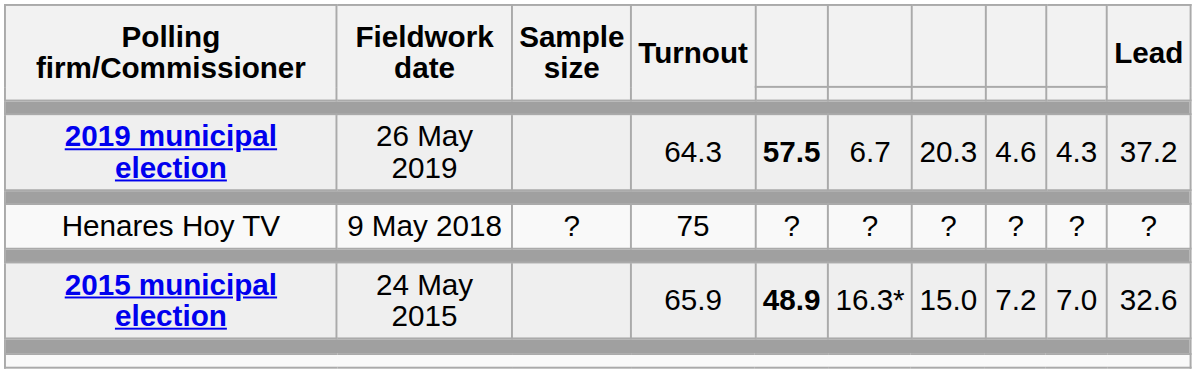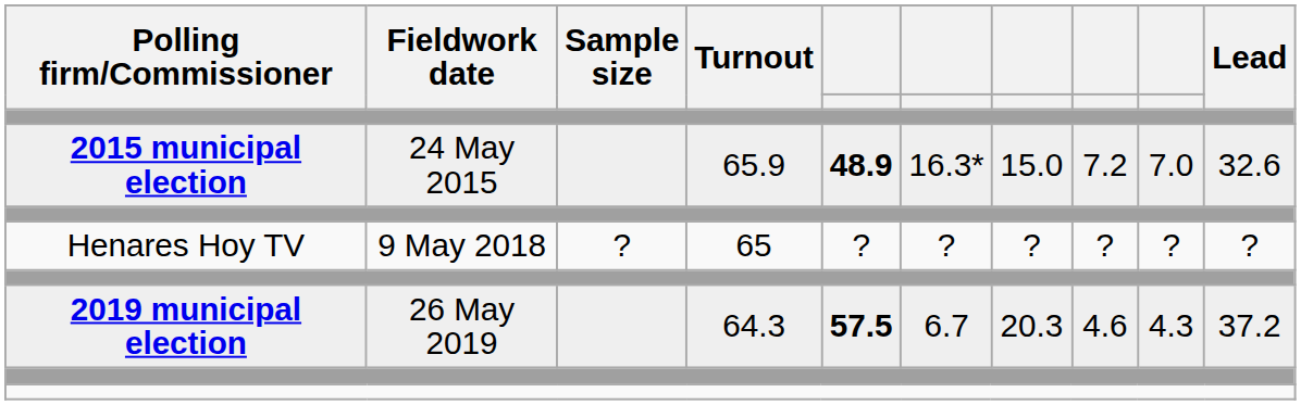 <table class="wikitable collapsible collapsed" style="text-align:center; font-size:95%; line-height:16px;">
 <tr style="height:42px;">
 <th style="width:250px;" rowspan="2">Polling firm/Commissioner</th>
 <th style="width:125px;" rowspan="2">Fieldwork date</th>
 <th style="width:50px;" rowspan="2">Sample size</th>
 <th style="width:45px;" rowspan="2">Turnout</th>
 <th style="width:35px;"></th>
 <th style="width:35px;"></th>
 <th style="width:35px;"></th>
 <th style="width:35px;"></th>
 <th style="width:35px;"></th>
 <th style="width:30px;" rowspan="2">Lead</th>
 </tr>
 <tr>
 <th style="color:inherit;background:"></th>
 <th style="color:inherit;background:"></th>
 <th style="color:inherit;background:"></th>
 <th style="color:inherit;background:"></th>
 <th style="color:inherit;background:"></th>
 </tr>
 <tr>
 <td colspan="10" style="background:#A0A0A0"></td>
 </tr>
 <tr style="background:#EFEFEF;">
+<td><strong><a href='#'>2015 municipal election</a></strong></td>
+<td>24 May 2015</td>
+<td></td>
+<td>65.9</td>
+<td><strong>48.9</strong><br></td>
+<td>16.3*<br></td>
+<td>15.0<br></td>
+<td>7.2<br></td>
+<td>7.0<br></td>
+<td style="background:">32.6</td>
+</tr>
+<tr>
+<td colspan="10" style="background:#A0A0A0"></td>
+</tr>
+<tr>
+<td>Henares Hoy TV</td>
+<td>9 May 2018</td>
+<td>?</td>
+<td>65</td>
+<td>?<br></td>
+<td>?<br></td>
+<td>?<br></td>
+<td>?<br></td>
+<td>?<br></td>
+<td style="background:">?</td>
+</tr>
+<tr>
+<td colspan="10" style="background:#A0A0A0"></td>
+</tr>
+<tr style="background:#EFEFEF;">
 <td><strong><a href='#'>2019 municipal election</a></strong></td>
 <td>26 May 2019</td>
 <td></td>
 <td>64.3</td>
 <td><strong>57.5</strong><br></td>
 <td>6.7<br></td>
 <td>20.3<br></td>
 <td>4.6<br></td>
 <td>4.3<br></td>
 <td style="background:">37.2</td>
 </tr>
 <tr>
 <td colspan="10" style="background:#A0A0A0"></td>
 </tr>
 <tr>
-<td>Henares Hoy TV</td>
-<td>9 May 2018</td>
-<td>?</td>
-<td>75</td>
-<td>?<br></td>
-<td>?<br></td>
-<td>?<br></td>
-<td>?<br></td>
-<td>?<br></td>
-<td style="background:">?</td>
-</tr>
-<tr>
-<td colspan="10" style="background:#A0A0A0"></td>
-</tr>
-<tr style="background:#EFEFEF;">
-<td><strong><a href='#'>2015 municipal election</a></strong></td>
-<td>24 May 2015</td>
-<td></td>
-<td>65.9</td>
-<td><strong>48.9</strong><br></td>
-<td>16.3*<br></td>
-<td>15.0<br></td>
-<td>7.2<br></td>
-<td>7.0<br></td>
-<td style="background:">32.6</td>
-</tr>
-<tr>
-<td colspan="10" style="background:#A0A0A0"></td>
-</tr>
-<tr>
 <td align="left" colspan="10"></td>
 </tr>
 </table>
